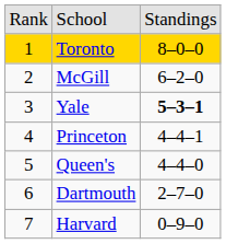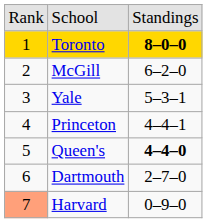 <table class="wikitable">
 <tr>
 <td style="background: #e3e3e3;">Rank</td>
 <td style="background: #e3e3e3;">School</td>
 <td style="background: #e3e3e3;">Standings</td>
 </tr>
 <tr bgcolor=gold>
 <td align=center>1</td>
 <td><a href='#'>Toronto</a></td>
-<td align=center>8–0–0</td>
+<td align=center><strong>8–0–0</strong></td>
 </tr>
 <tr>
 <td align=center>2</td>
 <td><a href='#'>McGill</a></td>
 <td align=center>6–2–0</td>
 </tr>
 <tr>
 <td align=center>3</td>
 <td><a href='#'>Yale</a></td>
-<td align=center><strong>5–3–1</strong></td>
+<td align=center>5–3–1</td>
 </tr>
 <tr>
 <td align=center>4</td>
 <td><a href='#'>Princeton</a></td>
 <td align=center>4–4–1</td>
 </tr>
 <tr>
 <td align=center>5</td>
 <td><a href='#'>Queen's</a></td>
-<td align=center>4–4–0</td>
+<td align=center><strong>4–4–0</strong></td>
 </tr>
 <tr>
 <td align=center>6</td>
 <td><a href='#'>Dartmouth</a></td>
 <td align=center>2–7–0</td>
 </tr>
 <tr>
-<td align=center>7</td>
+<td align=center style="background: lightsalmon;">7</td>
 <td><a href='#'>Harvard</a></td>
 <td align=center>0–9–0</td>
 </tr>
 </table>
